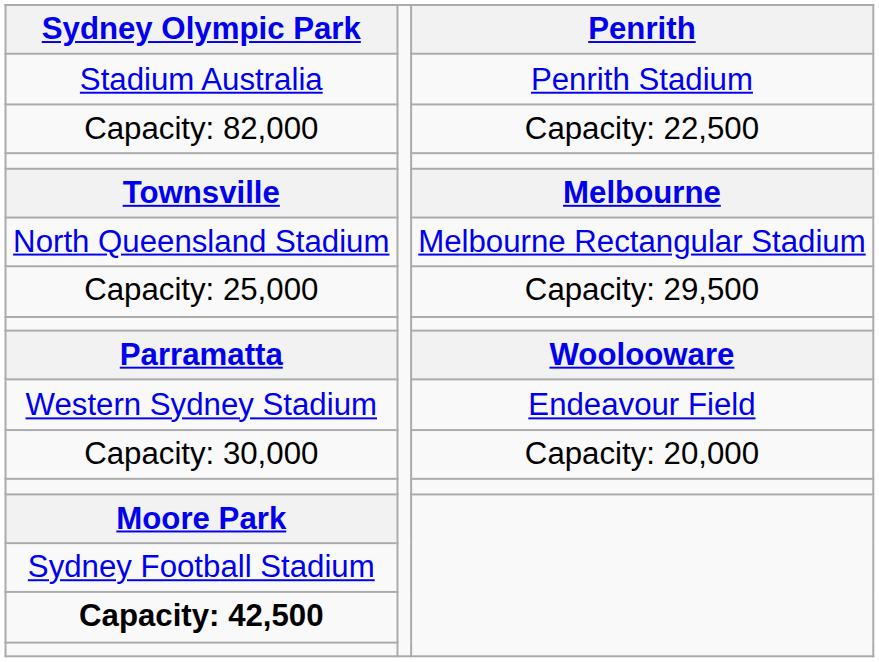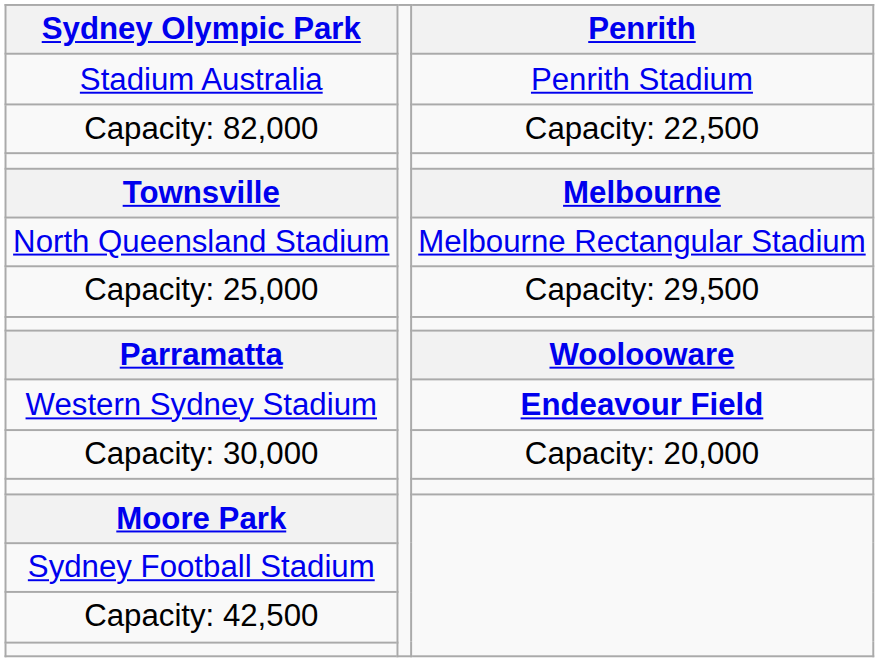 <table class="wikitable" style="text-align:center;margin:1em auto;">
 <tr>
 <th><a href='#'>Sydney Olympic Park</a></th>
 <td rowspan=16></td>
 <th><a href='#'>Penrith</a></th>
 </tr>
 <tr>
 <td><a href='#'>Stadium Australia</a></td>
 <td><a href='#'>Penrith Stadium</a></td>
 </tr>
 <tr>
 <td>Capacity: 82,000</td>
 <td>Capacity: 22,500</td>
 </tr>
 <tr>
 <td></td>
 <td></td>
 </tr>
 <tr>
 <th><a href='#'>Townsville</a></th>
 <th><a href='#'>Melbourne</a></th>
 </tr>
 <tr>
 <td><a href='#'>North Queensland Stadium</a></td>
 <td><a href='#'>Melbourne Rectangular Stadium</a></td>
 </tr>
 <tr>
 <td>Capacity: 25,000</td>
 <td>Capacity: 29,500</td>
 </tr>
 <tr>
 <td></td>
 <td></td>
 </tr>
 <tr>
 <th><a href='#'>Parramatta</a></th>
 <th><a href='#'>Woolooware</a></th>
 </tr>
 <tr>
 <td><a href='#'>Western Sydney Stadium</a></td>
-<td><a href='#'>Endeavour Field</a></td>
+<td><strong><a href='#'>Endeavour Field</a></strong></td>
 </tr>
 <tr>
 <td>Capacity: 30,000</td>
 <td>Capacity: 20,000</td>
 </tr>
 <tr>
 <td></td>
 <td></td>
 </tr>
 <tr>
 <th><a href='#'>Moore Park</a></th>
 <td rowspan=4></td>
 </tr>
 <tr>
 <td><a href='#'>Sydney Football Stadium</a></td>
 </tr>
 <tr>
-<td><strong>Capacity: 42,500</strong></td>
+<td>Capacity: 42,500</td>
 </tr>
 <tr>
 <td></td>
 </tr>
 </table>
